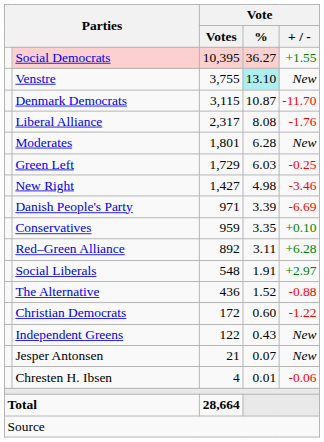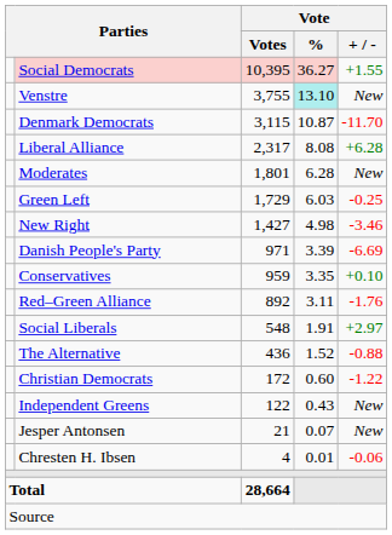 <table class="wikitable" style="text-align:right;">
 <tr>
 <th style="text-align:centre;" rowspan="2" colspan="2" width="225">Parties</th>
 <th colspan="3">Vote</th>
 </tr>
 <tr>
 <th width="15">Votes</th>
 <th width="15">%</th>
 <th width="15">+ / -</th>
 </tr>
 <tr>
 <td width="2" style="color:inherit;background:"></td>
 <td bgcolor=#fbd0ce  align="left"><a href='#'>Social Democrats</a></td>
 <td bgcolor=#fbd0ce>10,395</td>
 <td bgcolor=#fbd0ce>36.27</td>
 <td style=color:green;>+1.55</td>
 </tr>
 <tr>
 <td width="2" style="color:inherit;background:"></td>
 <td align="left"><a href='#'>Venstre</a></td>
 <td>3,755</td>
 <td style="background: paleturquoise;">13.10</td>
 <td><em>New</em></td>
 </tr>
 <tr>
 <td width="2" style="color:inherit;background:"></td>
 <td align="left"><a href='#'>Denmark Democrats</a></td>
 <td>3,115</td>
 <td>10.87</td>
 <td style=color:red;>-11.70</td>
 </tr>
 <tr>
 <td width="2" style="color:inherit;background:"></td>
 <td align="left"><a href='#'>Liberal Alliance</a></td>
 <td>2,317</td>
 <td>8.08</td>
-<td style=color:red;>-1.76</td>
+<td style=color:green;>+6.28</td>
 </tr>
 <tr>
 <td width="2" style="color:inherit;background:"></td>
 <td align="left"><a href='#'>Moderates</a></td>
 <td>1,801</td>
 <td>6.28</td>
 <td><em>New</em></td>
 </tr>
 <tr>
 <td width="2" style="color:inherit;background:"></td>
 <td align="left"><a href='#'>Green Left</a></td>
 <td>1,729</td>
 <td>6.03</td>
 <td style=color:red;>-0.25</td>
 </tr>
 <tr>
 <td width="2" style="color:inherit;background:"></td>
 <td align="left"><a href='#'>New Right</a></td>
 <td>1,427</td>
 <td>4.98</td>
 <td style=color:red;>-3.46</td>
 </tr>
 <tr>
 <td width="2" style="color:inherit;background:"></td>
 <td align="left"><a href='#'>Danish People's Party</a></td>
 <td>971</td>
 <td>3.39</td>
 <td style=color:red;>-6.69</td>
 </tr>
 <tr>
 <td width="2" style="color:inherit;background:"></td>
 <td align="left"><a href='#'>Conservatives</a></td>
 <td>959</td>
 <td>3.35</td>
 <td style=color:green;>+0.10</td>
 </tr>
 <tr>
 <td width="2" style="color:inherit;background:"></td>
 <td align="left"><a href='#'>Red–Green Alliance</a></td>
 <td>892</td>
 <td>3.11</td>
-<td style=color:green;>+6.28</td>
+<td style=color:red;>-1.76</td>
 </tr>
 <tr>
 <td width="2" style="color:inherit;background:"></td>
 <td align="left"><a href='#'>Social Liberals</a></td>
 <td>548</td>
 <td>1.91</td>
 <td style=color:green;>+2.97</td>
 </tr>
 <tr>
 <td width="2" style="color:inherit;background:"></td>
 <td align="left"><a href='#'>The Alternative</a></td>
 <td>436</td>
 <td>1.52</td>
 <td style=color:red;>-0.88</td>
 </tr>
 <tr>
 <td width="2" style="color:inherit;background:"></td>
 <td align="left"><a href='#'>Christian Democrats</a></td>
 <td>172</td>
 <td>0.60</td>
 <td style=color:red;>-1.22</td>
 </tr>
 <tr>
 <td width="2" style="color:inherit;background:"></td>
 <td align="left"><a href='#'>Independent Greens</a></td>
 <td>122</td>
 <td>0.43</td>
 <td><em>New</em></td>
 </tr>
 <tr>
 <td width="2" style="color:inherit;background:"></td>
 <td align="left">Jesper Antonsen</td>
 <td>21</td>
 <td>0.07</td>
 <td><em>New</em></td>
 </tr>
 <tr>
 <td width="2" style="color:inherit;background:"></td>
 <td align="left">Chresten H. Ibsen</td>
 <td>4</td>
 <td>0.01</td>
 <td style=color:red;>-0.06</td>
 </tr>
 <tr>
 <td colspan="7" bgcolor="#E9E9E9"></td>
 </tr>
 <tr>
 <td align="left" colspan="2"><strong>Total</strong></td>
 <td><strong>28,664</strong></td>
 <td bgcolor="#E9E9E9" colspan="2"></td>
 </tr>
 <tr>
 <td align="left" colspan="6">Source</td>
 </tr>
 </table>
